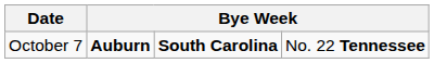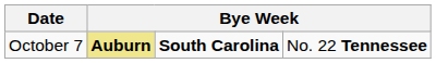 <table class="wikitable" style="font-size:95%;">
 <tr>
 <th>Date</th>
 <th colspan="3">Bye Week</th>
 </tr>
 <tr>
 <td>October 7</td>
-<td><strong>Auburn</strong></td>
+<td style="background: khaki;"><strong>Auburn</strong></td>
 <td><strong>South Carolina</strong></td>
 <td>No. 22 <strong>Tennessee</strong></td>
 </tr>
 </table>
